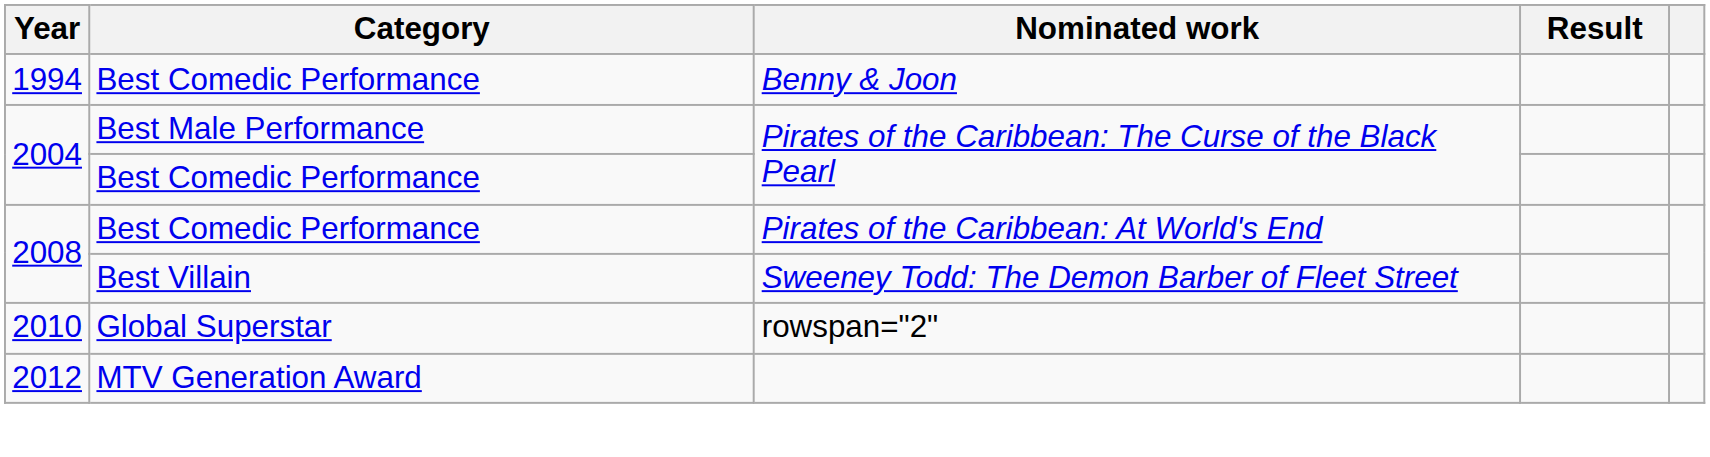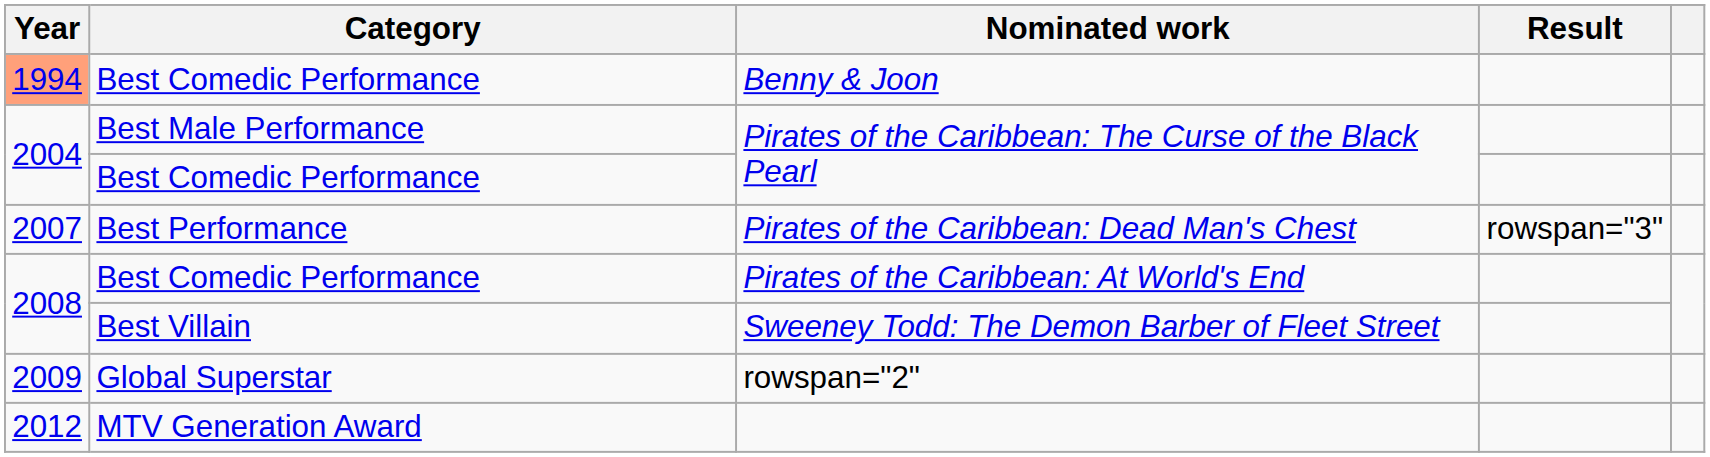 <table class="wikitable sortable">
 <tr>
 <th scope="col" style="width:1em;">Year</th>
 <th scope="col" style="width:29em;">Category</th>
 <th scope="col" style="width:34em;">Nominated work</th>
 <th scope="col" style="width:5em;">Result</th>
 <th scope="col" class="unsortable" style="width:1em;"></th>
 </tr>
 <tr>
-<td><a href='#'>1994</a></td>
+<td style="background: lightsalmon;"><a href='#'>1994</a></td>
 <td><a href='#'>Best Comedic Performance</a></td>
 <td><em><a href='#'>Benny & Joon</a></em></td>
 <td></td>
 <td></td>
 </tr>
 <tr>
 <td rowspan="2"><a href='#'>2004</a></td>
 <td><a href='#'>Best Male Performance</a></td>
 <td rowspan="2"><em><a href='#'>Pirates of the Caribbean: The Curse of the Black Pearl</a></em></td>
 <td></td>
 <td></td>
 </tr>
 <tr>
 <td><a href='#'>Best Comedic Performance</a></td>
 <td></td>
 <td></td>
 </tr>
 <tr>
+<td><a href='#'>2007</a></td>
+<td><a href='#'>Best Performance</a></td>
+<td><em><a href='#'>Pirates of the Caribbean: Dead Man's Chest</a></em></td>
+<td>rowspan="3" </td>
+<td></td>
+</tr>
+<tr>
 <td rowspan="2"><a href='#'>2008</a></td>
 <td><a href='#'>Best Comedic Performance</a></td>
 <td><em><a href='#'>Pirates of the Caribbean: At World's End</a></em></td>
 <td></td>
 </tr>
 <tr>
 <td><a href='#'>Best Villain</a></td>
 <td><em><a href='#'>Sweeney Todd: The Demon Barber of Fleet Street</a></em></td>
 <td></td>
 </tr>
 <tr>
-<td><a href='#'>2010</a></td>
+<td><a href='#'>2009</a></td>
 <td><a href='#'>Global Superstar</a></td>
 <td>rowspan="2" </td>
 <td></td>
 <td></td>
 </tr>
 <tr>
 <td><a href='#'>2012</a></td>
 <td><a href='#'>MTV Generation Award</a></td>
 <td></td>
 <td></td>
 </tr>
 </table>
